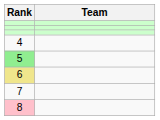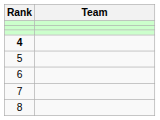 <table class="wikitable" style="text-align: center;">
 <tr>
 <th width=40>Rank</th>
 <th width=180>Team</th>
 </tr>
 <tr bgcolor=#ccffcc>
 <td></td>
 <td align="left"></td>
 </tr>
 <tr bgcolor=#ccffcc>
 <td></td>
 <td align="left"></td>
 </tr>
 <tr bgcolor=#ccffcc>
 <td></td>
 <td align=left></td>
 </tr>
 <tr>
-<td>4</td>
+<td><strong>4</strong></td>
 <td style="text-align:left;"></td>
 </tr>
 <tr>
-<td style="background: lightgreen;">5</td>
+<td>5</td>
 <td style="text-align:left;"></td>
 </tr>
 <tr>
-<td style="background: khaki;">6</td>
+<td>6</td>
 <td style="text-align:left;"></td>
 </tr>
 <tr>
 <td>7</td>
 <td style="text-align:left;"></td>
 </tr>
 <tr>
-<td style="background: pink;">8</td>
+<td>8</td>
 <td style="text-align:left;"></td>
 </tr>
 </table>
